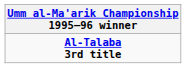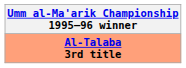 <table class="wikitable" style="text-align: center; margin: 0 auto;">
 <tr>
 <th><a href='#'>Umm al-Ma'arik Championship</a><br>1995–96 winner</th>
 </tr>
 <tr>
-<td><strong><a href='#'>Al-Talaba</a></strong><br><strong>3rd title</strong></td>
+<td style="background: lightsalmon;"><strong><a href='#'>Al-Talaba</a></strong><br><strong>3rd title</strong></td>
 </tr>
 </table>
